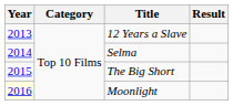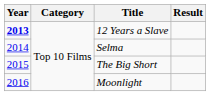 <table class="wikitable" style="font-size: 100%">
 <tr>
 <th>Year</th>
 <th>Category</th>
 <th>Title</th>
 <th>Result</th>
 </tr>
 <tr>
-<td style="text-align:center;"><a href='#'>2013</a></td>
+<td style="text-align:center;"><strong><a href='#'>2013</a></strong></td>
 <td rowspan="4">Top 10 Films</td>
 <td><em>12 Years a Slave</em></td>
 <td></td>
 </tr>
 <tr>
 <td style="text-align:center;"><a href='#'>2014</a></td>
 <td><em>Selma</em></td>
 <td></td>
 </tr>
 <tr>
 <td style="text-align:center;"><a href='#'>2015</a></td>
 <td><em>The Big Short</em></td>
 <td></td>
 </tr>
 <tr>
-<td style="background: lightyellow; text-align:center;"><a href='#'>2016</a></td>
+<td style="text-align:center;"><a href='#'>2016</a></td>
 <td><em>Moonlight</em></td>
 <td></td>
 </tr>
 </table>
